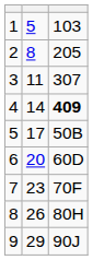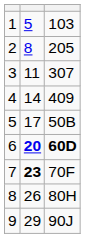 <table class="wikitable">
 <tr>
 <th></th>
 <th></th>
 <th></th>
 </tr>
 <tr -->
 <td>1</td>
 <td><a href='#'>5</a></td>
 <td>103</td>
 </tr>
 <tr -->
 <td>2</td>
 <td><a href='#'>8</a></td>
 <td>205</td>
 </tr>
 <tr -->
 <td>3</td>
 <td>11</td>
 <td>307</td>
 </tr>
 <tr -->
 <td>4</td>
 <td>14</td>
-<td><strong>409</strong></td>
+<td>409</td>
 </tr>
 <tr -->
 <td>5</td>
 <td>17</td>
 <td>50B</td>
 </tr>
 <tr -->
 <td>6</td>
-<td><a href='#'>20</a></td>
-<td>60D</td>
+<td><strong><a href='#'>20</a></strong></td>
+<td><strong>60D</strong></td>
 </tr>
 <tr -->
 <td>7</td>
-<td>23</td>
+<td><strong>23</strong></td>
 <td>70F</td>
 </tr>
 <tr -->
 <td>8</td>
 <td>26</td>
 <td>80H</td>
 </tr>
 <tr -->
 <td>9</td>
 <td>29</td>
 <td>90J</td>
 </tr>
 </table>
